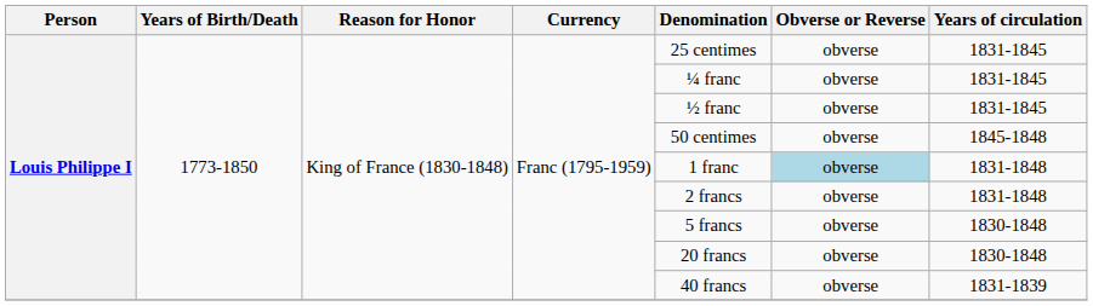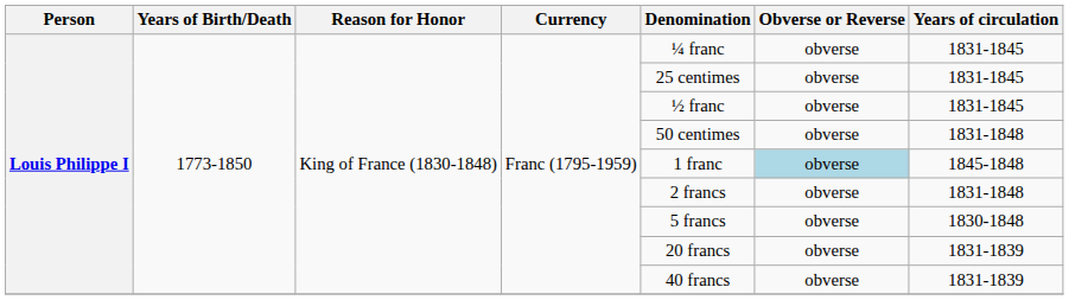 <table class="wikitable" style="font-size:95%; text-align:center;">
 <tr>
 <th>Person</th>
 <th>Years of Birth/Death</th>
 <th>Reason for Honor</th>
 <th>Currency</th>
 <th>Denomination</th>
 <th>Obverse or Reverse</th>
 <th>Years of circulation</th>
 </tr>
 <tr>
 <th rowspan="9"><a href='#'>Louis Philippe I</a></th>
 <td rowspan="9">1773-1850</td>
 <td rowspan="9">King of France (1830-1848)</td>
 <td rowspan="9">Franc (1795-1959)</td>
-<td>25 centimes</td>
+<td>¼ franc</td>
 <td>obverse</td>
 <td>1831-1845</td>
 </tr>
 <tr>
-<td>¼ franc</td>
+<td>25 centimes</td>
 <td>obverse</td>
 <td>1831-1845</td>
 </tr>
 <tr>
 <td>½ franc</td>
 <td>obverse</td>
 <td>1831-1845</td>
 </tr>
 <tr>
 <td>50 centimes</td>
 <td>obverse</td>
-<td>1845-1848</td>
+<td>1831-1848</td>
 </tr>
 <tr>
 <td>1 franc</td>
 <td style="background: lightblue;">obverse</td>
-<td>1831-1848</td>
+<td>1845-1848</td>
 </tr>
 <tr>
 <td>2 francs</td>
 <td>obverse</td>
 <td>1831-1848</td>
 </tr>
 <tr>
 <td>5 francs</td>
 <td>obverse</td>
 <td>1830-1848</td>
 </tr>
 <tr>
 <td>20 francs</td>
 <td>obverse</td>
-<td>1830-1848</td>
+<td>1831-1839</td>
 </tr>
 <tr>
 <td>40 francs</td>
 <td>obverse</td>
 <td>1831-1839</td>
 </tr>
 <tr>
 </tr>
 </table>
